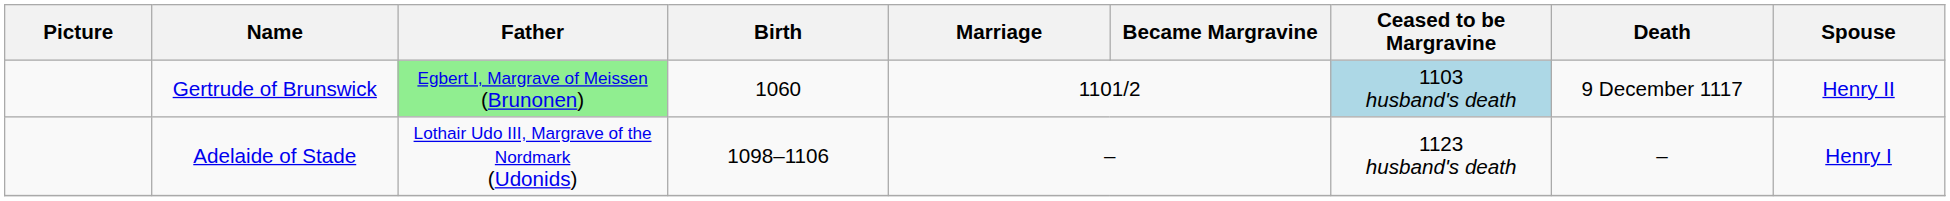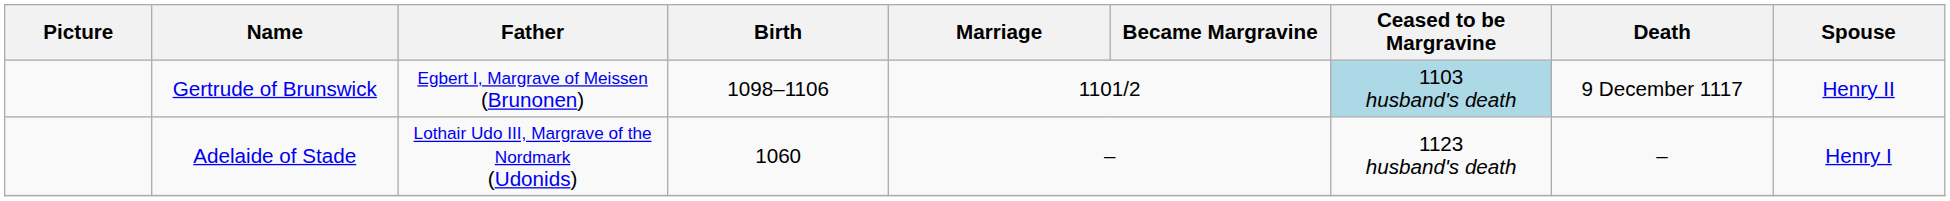 <table width=95% class="wikitable">
 <tr>
 <th width = "6%">Picture</th>
 <th width = "10%">Name</th>
 <th width = "11%">Father</th>
 <th width = "9%">Birth</th>
 <th width = "9%">Marriage</th>
 <th width = "9%">Became Margravine</th>
 <th width = "9%">Ceased to be Margravine</th>
 <th width = "9%">Death</th>
 <th width = "7%">Spouse</th>
 </tr>
 <tr>
 <td align="center"></td>
 <td align="center"><a href='#'>Gertrude of Brunswick</a></td>
-<td align="center" style="background: lightgreen;"><small><a href='#'>Egbert I, Margrave of Meissen</a></small><br>(<a href='#'>Brunonen</a>)</td>
-<td align="center">1060</td>
+<td align="center"><small><a href='#'>Egbert I, Margrave of Meissen</a></small><br>(<a href='#'>Brunonen</a>)</td>
+<td align="center">1098–1106</td>
 <td align="center" colspan="2">1101/2</td>
 <td align="center" style="background: lightblue;">1103<br><em>husband's death</em></td>
 <td align="center">9 December 1117</td>
 <td align="center"><a href='#'>Henry II</a></td>
 </tr>
 <tr>
 <td align="center"></td>
 <td align="center"><a href='#'>Adelaide of Stade</a></td>
 <td align="center"><small><a href='#'>Lothair Udo III, Margrave of the Nordmark</a></small><br>(<a href='#'>Udonids</a>)</td>
-<td align="center">1098–1106</td>
+<td align="center">1060</td>
 <td align="center" colspan="2">–</td>
 <td align="center">1123<br><em>husband's death</em></td>
 <td align="center">–</td>
 <td align="center"><a href='#'>Henry I</a></td>
 </tr>
 <tr>
 </tr>
 </table>
